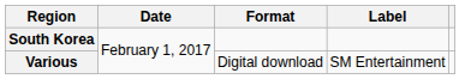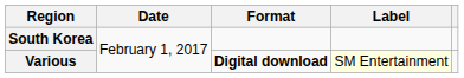 <table class="wikitable plainrowheaders">
 <tr>
 <th>Region</th>
 <th>Date</th>
 <th>Format</th>
 <th>Label</th>
 <th></th>
 </tr>
 <tr>
 <th scope="row">South Korea</th>
 <td rowspan="2">February 1, 2017</td>
 <td></td>
 <td></td>
 <td align="center"></td>
 </tr>
 <tr>
 <th scope="row">Various</th>
-<td>Digital download</td>
-<td>SM Entertainment</td>
+<td><strong>Digital download</strong></td>
+<td style="background: lightyellow;">SM Entertainment</td>
 <td align="center"></td>
 </tr>
 </table>
